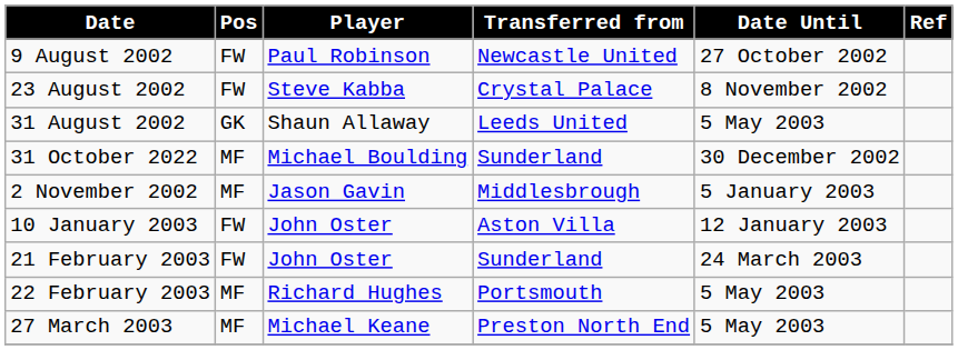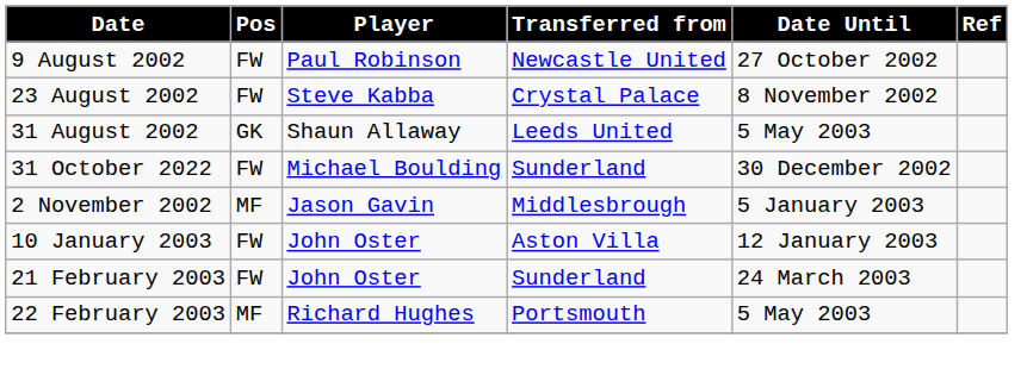 <table class="wikitable plainrowheaders sortable">
 <tr>
 <th style="background:#000000; color:#FFFFFF; ">Date</th>
 <th style="background:#000000; color:#FFFFff; ">Pos</th>
 <th style="background:#000000; color:#FFFFff; ">Player</th>
 <th style="background:#000000; color:#FFFFff; ">Transferred from</th>
 <th style="background:#000000; color:#FFFFff; ">Date Until</th>
 <th style="background:#000000; color:#FFFFff; ">Ref</th>
 </tr>
 <tr>
 <td>9 August 2002</td>
 <td>FW</td>
 <td> <a href='#'>Paul Robinson</a></td>
 <td> <a href='#'>Newcastle United</a></td>
 <td>27 October 2002</td>
 <td></td>
 </tr>
 <tr>
 <td>23 August 2002</td>
 <td>FW</td>
 <td> <a href='#'>Steve Kabba</a></td>
 <td> <a href='#'>Crystal Palace</a></td>
 <td>8 November 2002</td>
 <td></td>
 </tr>
 <tr>
 <td>31 August 2002</td>
 <td>GK</td>
 <td> Shaun Allaway</td>
 <td> <a href='#'>Leeds United</a></td>
 <td>5 May 2003</td>
 <td></td>
 </tr>
 <tr>
 <td>31 October 2022</td>
-<td>MF</td>
+<td>FW</td>
 <td> <a href='#'>Michael Boulding</a></td>
 <td> <a href='#'>Sunderland</a></td>
 <td>30 December 2002</td>
 <td></td>
 </tr>
 <tr>
 <td>2 November 2002</td>
 <td>MF</td>
 <td> <a href='#'>Jason Gavin</a></td>
 <td> <a href='#'>Middlesbrough</a></td>
 <td>5 January 2003</td>
 <td></td>
 </tr>
 <tr>
 <td>10 January 2003</td>
 <td>FW</td>
 <td> <a href='#'>John Oster</a></td>
 <td> <a href='#'>Aston Villa</a></td>
 <td>12 January 2003</td>
 <td></td>
 </tr>
 <tr>
 <td>21 February 2003</td>
 <td>FW</td>
 <td> <a href='#'>John Oster</a></td>
 <td> <a href='#'>Sunderland</a></td>
 <td>24 March 2003</td>
 <td></td>
 </tr>
 <tr>
 <td>22 February 2003</td>
 <td>MF</td>
 <td> <a href='#'>Richard Hughes</a></td>
 <td> <a href='#'>Portsmouth</a></td>
 <td>5 May 2003</td>
 <td></td>
 </tr>
 <tr>
-<td>27 March 2003</td>
-<td>MF</td>
-<td> <a href='#'>Michael Keane</a></td>
-<td> <a href='#'>Preston North End</a></td>
-<td>5 May 2003</td>
-<td></td>
-</tr>
-<tr>
 </tr>
 </table>
